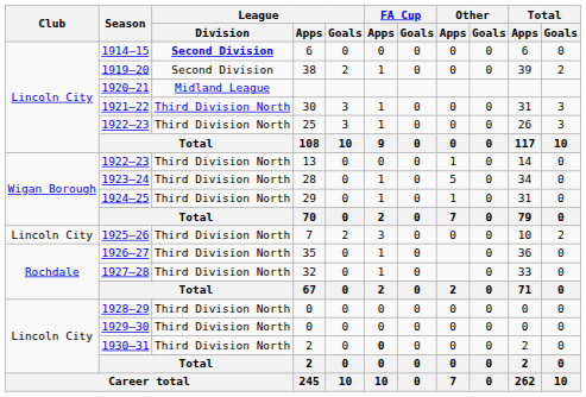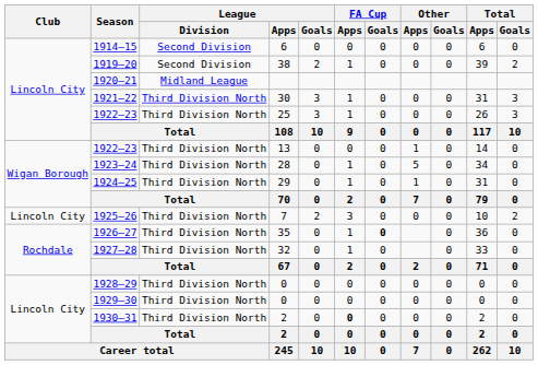 <table class=wikitable style=text-align:center>
 <tr>
 <th rowspan="2">Club</th>
 <th rowspan="2">Season</th>
 <th colspan="3">League</th>
 <th colspan="2"><a href='#'>FA Cup</a></th>
 <th colspan="2">Other</th>
 <th colspan="2">Total</th>
 </tr>
 <tr>
 <th>Division</th>
 <th>Apps</th>
 <th>Goals</th>
 <th>Apps</th>
 <th>Goals</th>
 <th>Apps</th>
 <th>Goals</th>
 <th>Apps</th>
 <th>Goals</th>
 </tr>
 <tr>
 <td rowspan="6"><a href='#'>Lincoln City</a></td>
 <td><a href='#'>1914–15</a></td>
-<td><strong><a href='#'>Second Division</a></strong></td>
+<td><a href='#'>Second Division</a></td>
 <td>6</td>
 <td>0</td>
 <td>0</td>
 <td>0</td>
 <td>0</td>
 <td>0</td>
 <td>6</td>
 <td>0</td>
 </tr>
 <tr>
 <td><a href='#'>1919–20</a></td>
 <td>Second Division</td>
 <td>38</td>
 <td>2</td>
 <td>1</td>
 <td>0</td>
 <td>0</td>
 <td>0</td>
 <td>39</td>
 <td>2</td>
 </tr>
 <tr>
 <td><a href='#'>1920–21</a></td>
 <td><a href='#'>Midland League</a></td>
 <td></td>
 <td></td>
 <td></td>
 <td></td>
 <td></td>
 <td></td>
 <td></td>
 <td></td>
 </tr>
 <tr>
 <td><a href='#'>1921–22</a></td>
 <td><a href='#'>Third Division North</a></td>
 <td>30</td>
 <td>3</td>
 <td>1</td>
 <td>0</td>
 <td>0</td>
 <td>0</td>
 <td>31</td>
 <td>3</td>
 </tr>
 <tr>
 <td><a href='#'>1922–23</a></td>
 <td>Third Division North</td>
 <td>25</td>
 <td>3</td>
 <td>1</td>
 <td>0</td>
 <td>0</td>
 <td>0</td>
 <td>26</td>
 <td>3</td>
 </tr>
 <tr>
 <th colspan="2">Total</th>
 <th>108</th>
 <th>10</th>
 <th>9</th>
 <th>0</th>
 <th>0</th>
 <th>0</th>
 <th>117</th>
 <th>10</th>
 </tr>
 <tr>
 <td rowspan="4"><a href='#'>Wigan Borough</a></td>
 <td><a href='#'>1922–23</a></td>
 <td>Third Division North</td>
 <td>13</td>
 <td>0</td>
 <td>0</td>
 <td>0</td>
 <td>1</td>
 <td>0</td>
 <td>14</td>
 <td>0</td>
 </tr>
 <tr>
 <td><a href='#'>1923–24</a></td>
 <td>Third Division North</td>
 <td>28</td>
 <td>0</td>
 <td>1</td>
 <td>0</td>
 <td>5</td>
 <td>0</td>
 <td>34</td>
 <td>0</td>
 </tr>
 <tr>
 <td><a href='#'>1924–25</a></td>
 <td>Third Division North</td>
 <td>29</td>
 <td>0</td>
 <td>1</td>
 <td>0</td>
 <td>1</td>
 <td>0</td>
 <td>31</td>
 <td>0</td>
 </tr>
 <tr>
 <th colspan="2">Total</th>
 <th>70</th>
 <th>0</th>
 <th>2</th>
 <th>0</th>
 <th>7</th>
 <th>0</th>
 <th>79</th>
 <th>0</th>
 </tr>
 <tr>
 <td>Lincoln City</td>
 <td><a href='#'>1925–26</a></td>
 <td>Third Division North</td>
 <td>7</td>
 <td>2</td>
 <td>3</td>
 <td>0</td>
 <td>0</td>
 <td>0</td>
 <td>10</td>
 <td>2</td>
 </tr>
 <tr>
 <td rowspan="3"><a href='#'>Rochdale</a></td>
 <td><a href='#'>1926–27</a></td>
 <td>Third Division North</td>
 <td>35</td>
 <td>0</td>
 <td>1</td>
-<td>0</td>
+<td><strong>0</strong></td>
 <td></td>
 <td>0</td>
 <td>36</td>
 <td>0</td>
 </tr>
 <tr>
 <td><a href='#'>1927–28</a></td>
 <td>Third Division North</td>
 <td>32</td>
 <td>0</td>
 <td>1</td>
 <td>0</td>
 <td></td>
 <td>0</td>
 <td>33</td>
 <td>0</td>
 </tr>
 <tr>
 <th colspan="2">Total</th>
 <th>67</th>
 <th>0</th>
 <th>2</th>
 <th>0</th>
 <th>2</th>
 <th>0</th>
 <th>71</th>
 <th>0</th>
 </tr>
 <tr>
 <td rowspan="4">Lincoln City</td>
 <td><a href='#'>1928–29</a></td>
 <td>Third Division North</td>
 <td>0</td>
 <td>0</td>
 <td>0</td>
 <td>0</td>
 <td>0</td>
 <td>0</td>
 <td>0</td>
 <td>0</td>
 </tr>
 <tr>
 <td><a href='#'>1929–30</a></td>
 <td>Third Division North</td>
 <td>0</td>
 <td>0</td>
 <td>0</td>
 <td>0</td>
 <td>0</td>
 <td>0</td>
 <td>0</td>
 <td>0</td>
 </tr>
 <tr>
 <td><a href='#'>1930–31</a></td>
 <td>Third Division North</td>
 <td>2</td>
 <td>0</td>
 <td><strong>0</strong></td>
 <td>0</td>
 <td>0</td>
 <td>0</td>
 <td>2</td>
 <td>0</td>
 </tr>
 <tr>
 <th colspan="2">Total</th>
 <th>2</th>
 <th>0</th>
 <th>0</th>
 <th>0</th>
 <th>0</th>
 <th>0</th>
 <th>2</th>
 <th>0</th>
 </tr>
 <tr>
 <th colspan=3>Career total</th>
 <th>245</th>
 <th>10</th>
 <th>10</th>
 <th>0</th>
 <th>7</th>
 <th>0</th>
 <th>262</th>
 <th>10</th>
 </tr>
 </table>
